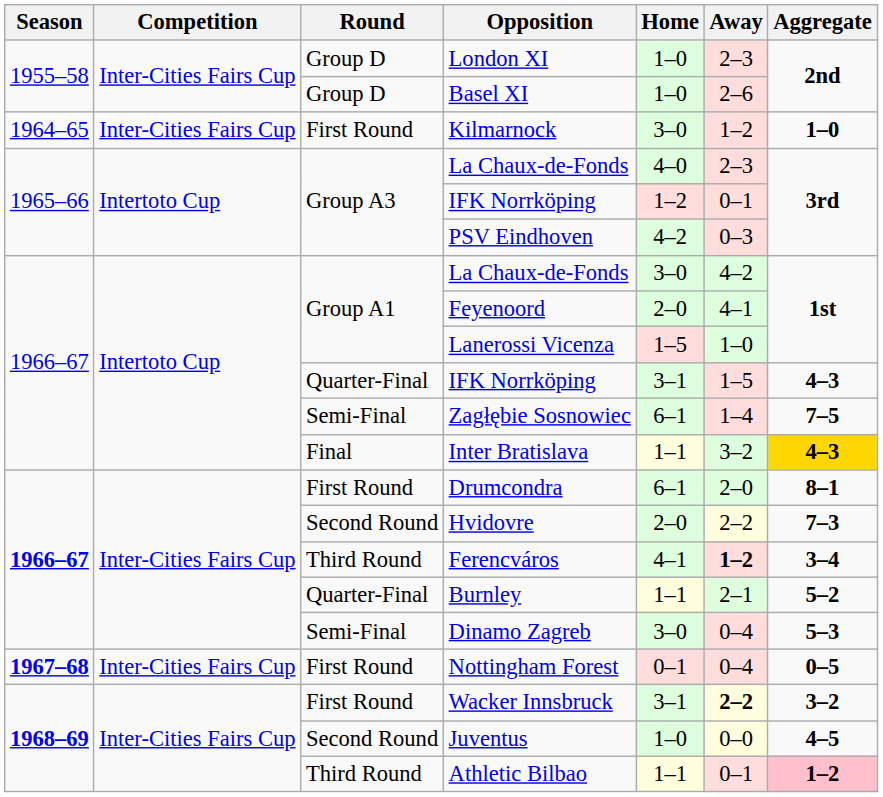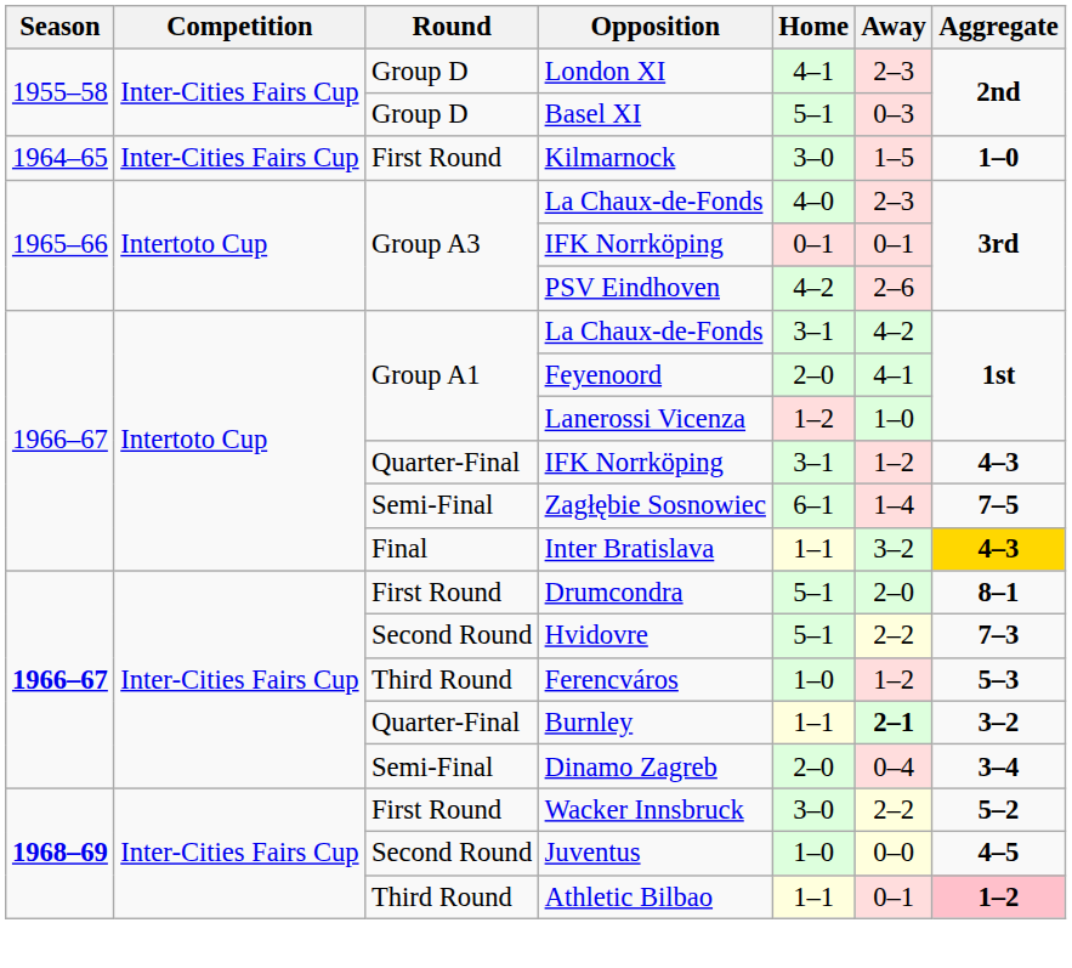 <table class="wikitable">
 <tr>
 <th>Season</th>
 <th>Competition</th>
 <th>Round</th>
 <th>Opposition</th>
 <th>Home</th>
 <th>Away</th>
 <th>Aggregate</th>
 </tr>
 <tr>
 <td rowspan="2"><a href='#'>1955–58</a></td>
 <td rowspan="2"><a href='#'>Inter-Cities Fairs Cup</a></td>
 <td>Group D</td>
 <td> <a href='#'>London XI</a></td>
-<td style="text-align:center; background:#dfd;">1–0</td>
+<td style="text-align:center; background:#dfd;">4–1</td>
 <td style="text-align:center; background:#fdd;">2–3</td>
 <td style="text-align:center;" rowspan=2><strong>2nd</strong></td>
 </tr>
 <tr>
 <td>Group D</td>
 <td> <a href='#'>Basel XI</a></td>
-<td style="text-align:center; background:#dfd;">1–0</td>
-<td style="text-align:center; background:#fdd;">2–6</td>
+<td style="text-align:center; background:#dfd;">5–1</td>
+<td style="text-align:center; background:#fdd;">0–3</td>
 </tr>
 <tr>
 <td><a href='#'>1964–65</a></td>
 <td><a href='#'>Inter-Cities Fairs Cup</a></td>
 <td>First Round</td>
 <td> <a href='#'>Kilmarnock</a></td>
 <td style="text-align:center; background:#dfd;">3–0</td>
-<td style="text-align:center; background:#fdd;">1–2</td>
+<td style="text-align:center; background:#fdd;">1–5</td>
 <td style="text-align:center;"><strong>1–0</strong></td>
 </tr>
 <tr>
 <td rowspan="3"><a href='#'>1965–66</a></td>
 <td rowspan="3"><a href='#'>Intertoto Cup</a></td>
 <td rowspan="3">Group A3</td>
 <td> <a href='#'>La Chaux-de-Fonds</a></td>
 <td style="text-align:center; background:#dfd;">4–0</td>
 <td style="text-align:center; background:#fdd;">2–3</td>
 <td style="text-align:center;" rowspan=3><strong>3rd</strong></td>
 </tr>
 <tr>
 <td> <a href='#'>IFK Norrköping</a></td>
-<td style="text-align:center; background:#fdd;">1–2</td>
+<td style="text-align:center; background:#fdd;">0–1</td>
 <td style="text-align:center; background:#fdd;">0–1</td>
 </tr>
 <tr>
 <td> <a href='#'>PSV Eindhoven</a></td>
 <td style="text-align:center; background:#dfd;">4–2</td>
-<td style="text-align:center; background:#fdd;">0–3</td>
+<td style="text-align:center; background:#fdd;">2–6</td>
 </tr>
 <tr>
 <td rowspan="6"><a href='#'>1966–67</a></td>
 <td rowspan="6"><a href='#'>Intertoto Cup</a></td>
 <td rowspan="3">Group A1</td>
 <td> <a href='#'>La Chaux-de-Fonds</a></td>
-<td style="text-align:center; background:#dfd;">3–0</td>
+<td style="text-align:center; background:#dfd;">3–1</td>
 <td style="text-align:center; background:#dfd;">4–2</td>
 <td style="text-align:center;" rowspan=3><strong>1st</strong></td>
 </tr>
 <tr>
 <td> <a href='#'>Feyenoord</a></td>
 <td style="text-align:center; background:#dfd;">2–0</td>
 <td style="text-align:center; background:#dfd;">4–1</td>
 </tr>
 <tr>
 <td> <a href='#'>Lanerossi Vicenza</a></td>
-<td style="text-align:center; background:#fdd;">1–5</td>
+<td style="text-align:center; background:#fdd;">1–2</td>
 <td style="text-align:center; background:#dfd;">1–0</td>
 </tr>
 <tr>
 <td>Quarter-Final</td>
 <td> <a href='#'>IFK Norrköping</a></td>
 <td style="text-align:center; background:#dfd;">3–1</td>
-<td style="text-align:center; background:#fdd;">1–5</td>
+<td style="text-align:center; background:#fdd;">1–2</td>
 <td style="text-align:center;"><strong>4–3</strong></td>
 </tr>
 <tr>
 <td>Semi-Final</td>
 <td> <a href='#'>Zagłębie Sosnowiec</a></td>
 <td style="text-align:center; background:#dfd;">6–1</td>
 <td style="text-align:center; background:#fdd;">1–4</td>
 <td style="text-align:center;"><strong>7–5</strong></td>
 </tr>
 <tr>
 <td>Final</td>
 <td> <a href='#'>Inter Bratislava</a></td>
 <td style="text-align:center; background:#ffd;">1–1</td>
 <td style="text-align:center; background:#dfd;">3–2</td>
 <td style="text-align:center; background:gold;"><strong>4–3</strong></td>
 </tr>
 <tr>
 <td rowspan="5"><strong><a href='#'>1966–67</a></strong></td>
 <td rowspan="5"><a href='#'>Inter-Cities Fairs Cup</a></td>
 <td>First Round</td>
 <td> <a href='#'>Drumcondra</a></td>
-<td style="text-align:center; background:#dfd;">6–1</td>
+<td style="text-align:center; background:#dfd;">5–1</td>
 <td style="text-align:center; background:#dfd;">2–0</td>
 <td style="text-align:center;"><strong>8–1</strong></td>
 </tr>
 <tr>
 <td>Second Round</td>
 <td> <a href='#'>Hvidovre</a></td>
-<td style="text-align:center; background:#dfd;">2–0</td>
+<td style="text-align:center; background:#dfd;">5–1</td>
 <td style="text-align:center; background:#ffd;">2–2</td>
 <td style="text-align:center;"><strong>7–3</strong></td>
 </tr>
 <tr>
 <td>Third Round</td>
 <td> <a href='#'>Ferencváros</a></td>
-<td style="text-align:center; background:#dfd;">4–1</td>
-<td style="text-align:center; background:#fdd;"><strong>1–2</strong></td>
-<td style="text-align:center;"><strong>3–4</strong></td>
+<td style="text-align:center; background:#dfd;">1–0</td>
+<td style="text-align:center; background:#fdd;">1–2</td>
+<td style="text-align:center;"><strong>5–3</strong></td>
 </tr>
 <tr>
 <td>Quarter-Final</td>
 <td> <a href='#'>Burnley</a></td>
 <td style="text-align:center; background:#ffd;">1–1</td>
-<td style="text-align:center; background:#dfd;">2–1</td>
-<td style="text-align:center;"><strong>5–2</strong></td>
+<td style="text-align:center; background:#dfd;"><strong>2–1</strong></td>
+<td style="text-align:center;"><strong>3–2</strong></td>
 </tr>
 <tr>
 <td>Semi-Final</td>
 <td> <a href='#'>Dinamo Zagreb</a></td>
-<td style="text-align:center; background:#dfd;">3–0</td>
+<td style="text-align:center; background:#dfd;">2–0</td>
 <td style="text-align:center; background:#fdd;">0–4 </td>
-<td style="text-align:center;"><strong>5–3</strong></td>
-</tr>
-<tr>
-<td><strong><a href='#'>1967–68</a></strong></td>
-<td><a href='#'>Inter-Cities Fairs Cup</a></td>
-<td>First Round</td>
-<td> <a href='#'>Nottingham Forest</a></td>
-<td style="text-align:center; background:#fdd;">0–1</td>
-<td style="text-align:center; background:#fdd;">0–4</td>
-<td style="text-align:center;"><strong>0–5</strong></td>
+<td style="text-align:center;"><strong>3–4</strong></td>
 </tr>
 <tr>
 <td rowspan="3"><strong><a href='#'>1968–69</a></strong></td>
 <td rowspan="3"><a href='#'>Inter-Cities Fairs Cup</a></td>
 <td>First Round</td>
 <td> <a href='#'>Wacker Innsbruck</a></td>
-<td style="text-align:center; background:#dfd;">3–1</td>
-<td style="text-align:center; background:#ffd;"><strong>2–2</strong></td>
-<td style="text-align:center;"><strong>3–2</strong></td>
+<td style="text-align:center; background:#dfd;">3–0</td>
+<td style="text-align:center; background:#ffd;">2–2</td>
+<td style="text-align:center;"><strong>5–2</strong></td>
 </tr>
 <tr>
 <td>Second Round</td>
 <td> <a href='#'>Juventus</a></td>
 <td style="text-align:center; background:#dfd;">1–0 </td>
 <td style="text-align:center; background:#ffd;">0–0</td>
 <td style="text-align:center;"><strong>4–5</strong></td>
 </tr>
 <tr>
 <td>Third Round</td>
 <td> <a href='#'>Athletic Bilbao</a></td>
 <td style="text-align:center; background:#ffd;">1–1</td>
 <td style="text-align:center; background:#fdd;">0–1</td>
 <td style="background: pink; text-align:center;"><strong>1–2</strong></td>
 </tr>
 </table>
